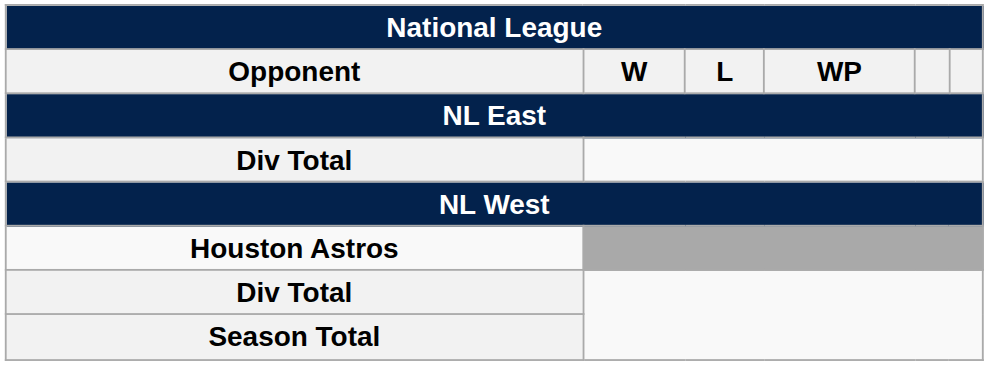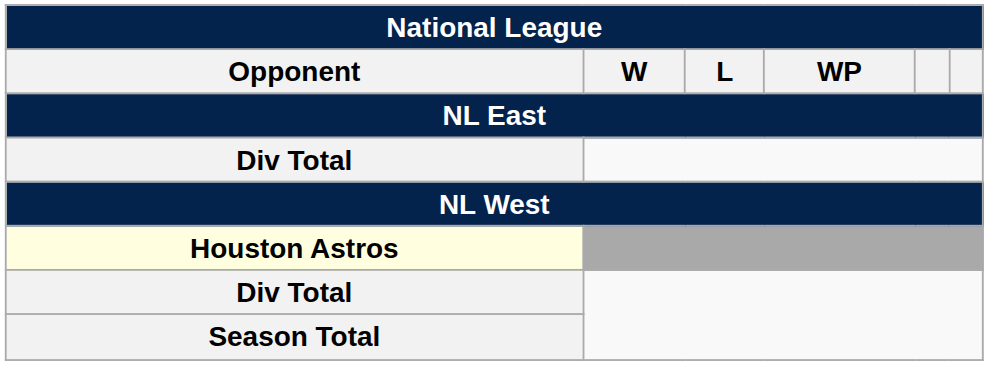 <table class="wikitable" style="margin:1em auto; font-size:95%; text-align:center; width:35em;">
 <tr>
 <th colspan="7" style="background:#03224c; color:#ffffff;">National League</th>
 </tr>
 <tr>
 <th>Opponent</th>
 <th>W</th>
 <th>L</th>
 <th>WP</th>
 <th></th>
 <th></th>
 </tr>
 <tr>
 <th colspan="7" style="background:#03224c; color:#ffffff;">NL East</th>
 </tr>
 <tr>
 <th>Div Total</th>
 </tr>
 <tr>
 <th colspan="7" style="background:#03224c; color:#ffffff;">NL West</th>
 </tr>
 <tr>
-<td><span><strong>Houston Astros</strong></span></td>
+<td style="background: lightyellow;"><span><strong>Houston Astros</strong></span></td>
 <td colspan=5 style="background:darkgray;"></td>
 </tr>
 <tr>
 <th>Div Total</th>
 </tr>
 <tr>
 <th>Season Total</th>
 </tr>
 </table>
